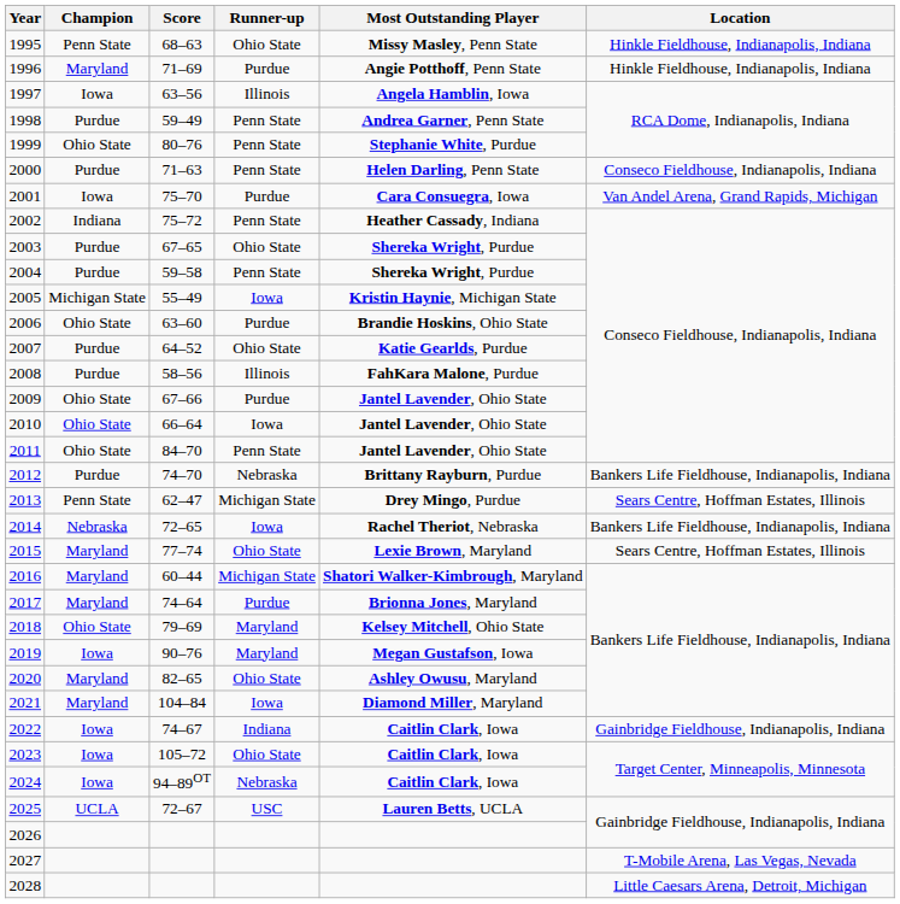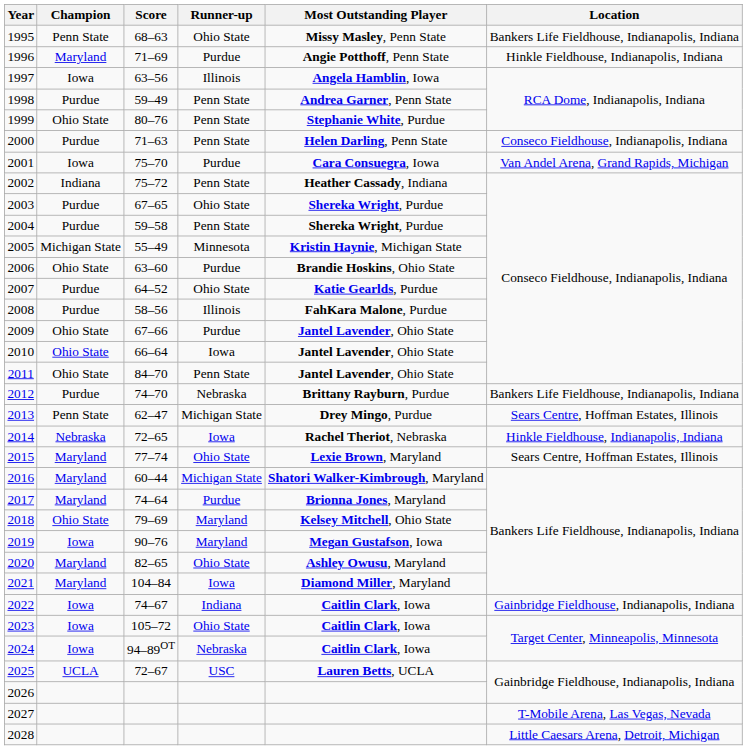 <table class="wikitable sortable" style="text-align:center">
 <tr>
 <th width=px>Year</th>
 <th width=px>Champion</th>
 <th width=px>Score</th>
 <th width=px>Runner-up</th>
 <th width=px>Most Outstanding Player</th>
 <th width=px>Location</th>
 </tr>
 <tr>
 <td>1995</td>
 <td>Penn State</td>
 <td>68–63</td>
 <td>Ohio State</td>
 <td><strong>Missy Masley</strong>, Penn State</td>
-<td><a href='#'>Hinkle Fieldhouse</a>, <a href='#'>Indianapolis, Indiana</a></td>
+<td>Bankers Life Fieldhouse, Indianapolis, Indiana</td>
 </tr>
 <tr>
 <td>1996</td>
 <td><a href='#'>Maryland</a></td>
 <td>71–69</td>
 <td>Purdue</td>
 <td><strong>Angie Potthoff</strong>, Penn State</td>
 <td>Hinkle Fieldhouse, Indianapolis, Indiana</td>
 </tr>
 <tr>
 <td>1997</td>
 <td>Iowa</td>
 <td>63–56</td>
 <td>Illinois</td>
 <td><strong><a href='#'>Angela Hamblin</a></strong>, Iowa</td>
 <td rowspan="3"><a href='#'>RCA Dome</a>, Indianapolis, Indiana</td>
 </tr>
 <tr>
 <td>1998</td>
 <td>Purdue</td>
 <td>59–49</td>
 <td>Penn State</td>
 <td><strong><a href='#'>Andrea Garner</a></strong>, Penn State</td>
 </tr>
 <tr>
 <td>1999</td>
 <td>Ohio State</td>
 <td>80–76</td>
 <td>Penn State</td>
 <td><strong><a href='#'>Stephanie White</a></strong>, Purdue</td>
 </tr>
 <tr>
 <td>2000</td>
 <td>Purdue</td>
 <td>71–63</td>
 <td>Penn State</td>
 <td><strong><a href='#'>Helen Darling</a></strong>, Penn State</td>
 <td><a href='#'>Conseco Fieldhouse</a>, Indianapolis, Indiana</td>
 </tr>
 <tr>
 <td>2001</td>
 <td>Iowa</td>
 <td>75–70</td>
 <td>Purdue</td>
 <td><strong><a href='#'>Cara Consuegra</a></strong>, Iowa</td>
 <td><a href='#'>Van Andel Arena</a>, <a href='#'>Grand Rapids, Michigan</a></td>
 </tr>
 <tr>
 <td>2002</td>
 <td>Indiana</td>
 <td>75–72</td>
 <td>Penn State</td>
 <td><strong>Heather Cassady</strong>, Indiana</td>
 <td rowspan="10">Conseco Fieldhouse, Indianapolis, Indiana</td>
 </tr>
 <tr>
 <td>2003</td>
 <td>Purdue</td>
 <td>67–65</td>
 <td>Ohio State</td>
 <td><strong><a href='#'>Shereka Wright</a></strong>, Purdue</td>
 </tr>
 <tr>
 <td>2004</td>
 <td>Purdue</td>
 <td>59–58</td>
 <td>Penn State</td>
 <td><strong>Shereka Wright</strong>, Purdue</td>
 </tr>
 <tr>
 <td>2005</td>
 <td>Michigan State</td>
 <td>55–49</td>
-<td><a href='#'>Iowa</a></td>
+<td>Minnesota</td>
 <td><strong><a href='#'>Kristin Haynie</a></strong>, Michigan State</td>
 </tr>
 <tr>
 <td>2006</td>
 <td>Ohio State</td>
 <td>63–60</td>
 <td>Purdue</td>
 <td><strong>Brandie Hoskins</strong>, Ohio State</td>
 </tr>
 <tr>
 <td>2007</td>
 <td>Purdue</td>
 <td>64–52</td>
 <td>Ohio State</td>
 <td><strong><a href='#'>Katie Gearlds</a></strong>, Purdue</td>
 </tr>
 <tr>
 <td>2008</td>
 <td>Purdue</td>
 <td>58–56</td>
 <td>Illinois</td>
 <td><strong>FahKara Malone</strong>, Purdue</td>
 </tr>
 <tr>
 <td>2009</td>
 <td>Ohio State</td>
 <td>67–66</td>
 <td>Purdue</td>
 <td><strong><a href='#'>Jantel Lavender</a></strong>, Ohio State</td>
 </tr>
 <tr>
 <td>2010</td>
 <td><a href='#'>Ohio State</a></td>
 <td>66–64</td>
 <td>Iowa</td>
 <td><strong>Jantel Lavender</strong>, Ohio State</td>
 </tr>
 <tr>
 <td><a href='#'>2011</a></td>
 <td>Ohio State</td>
 <td>84–70</td>
 <td>Penn State</td>
 <td><strong>Jantel Lavender</strong>, Ohio State</td>
 </tr>
 <tr>
 <td><a href='#'>2012</a></td>
 <td>Purdue</td>
 <td>74–70</td>
 <td>Nebraska</td>
 <td><strong>Brittany Rayburn</strong>, Purdue</td>
 <td>Bankers Life Fieldhouse, Indianapolis, Indiana</td>
 </tr>
 <tr>
 <td><a href='#'>2013</a></td>
 <td>Penn State</td>
 <td>62–47</td>
 <td>Michigan State</td>
 <td><strong>Drey Mingo</strong>, Purdue</td>
 <td><a href='#'>Sears Centre</a>, Hoffman Estates, Illinois</td>
 </tr>
 <tr>
 <td><a href='#'>2014</a></td>
 <td><a href='#'>Nebraska</a></td>
 <td>72–65</td>
 <td><a href='#'>Iowa</a></td>
 <td><strong>Rachel Theriot</strong>, Nebraska</td>
-<td>Bankers Life Fieldhouse, Indianapolis, Indiana</td>
+<td><a href='#'>Hinkle Fieldhouse</a>, <a href='#'>Indianapolis, Indiana</a></td>
 </tr>
 <tr>
 <td><a href='#'>2015</a></td>
 <td><a href='#'>Maryland</a></td>
 <td>77–74</td>
 <td><a href='#'>Ohio State</a></td>
 <td><strong><a href='#'>Lexie Brown</a></strong>, Maryland</td>
 <td>Sears Centre, Hoffman Estates, Illinois</td>
 </tr>
 <tr>
 <td><a href='#'>2016</a></td>
 <td><a href='#'>Maryland</a></td>
 <td>60–44</td>
 <td><a href='#'>Michigan State</a></td>
 <td><strong><a href='#'>Shatori Walker-Kimbrough</a></strong>, Maryland</td>
 <td rowspan="6">Bankers Life Fieldhouse, Indianapolis, Indiana</td>
 </tr>
 <tr>
 <td><a href='#'>2017</a></td>
 <td><a href='#'>Maryland</a></td>
 <td>74–64</td>
 <td><a href='#'>Purdue</a></td>
 <td><strong><a href='#'>Brionna Jones</a></strong>, Maryland</td>
 </tr>
 <tr>
 <td><a href='#'>2018</a></td>
 <td><a href='#'>Ohio State</a></td>
 <td>79–69</td>
 <td><a href='#'>Maryland</a></td>
 <td><strong><a href='#'>Kelsey Mitchell</a></strong>, Ohio State</td>
 </tr>
 <tr>
 <td><a href='#'>2019</a></td>
 <td><a href='#'>Iowa</a></td>
 <td>90–76</td>
 <td><a href='#'>Maryland</a></td>
 <td><strong><a href='#'>Megan Gustafson</a></strong>, Iowa</td>
 </tr>
 <tr>
 <td><a href='#'>2020</a></td>
 <td><a href='#'>Maryland</a></td>
 <td>82–65</td>
 <td><a href='#'>Ohio State</a></td>
 <td><strong><a href='#'>Ashley Owusu</a></strong>, Maryland</td>
 </tr>
 <tr>
 <td><a href='#'>2021</a></td>
 <td><a href='#'>Maryland</a></td>
 <td>104–84</td>
 <td><a href='#'>Iowa</a></td>
 <td><strong><a href='#'>Diamond Miller</a></strong>, Maryland</td>
 </tr>
 <tr>
 <td><a href='#'>2022</a></td>
 <td><a href='#'>Iowa</a></td>
 <td>74–67</td>
 <td><a href='#'>Indiana</a></td>
 <td><strong><a href='#'>Caitlin Clark</a></strong>, Iowa</td>
 <td><a href='#'>Gainbridge Fieldhouse</a>, Indianapolis, Indiana</td>
 </tr>
 <tr>
 <td><a href='#'>2023</a></td>
 <td><a href='#'>Iowa</a></td>
 <td>105–72</td>
 <td><a href='#'>Ohio State</a></td>
 <td><strong><a href='#'>Caitlin Clark</a></strong>, Iowa</td>
 <td rowspan=2><a href='#'>Target Center</a>, <a href='#'>Minneapolis, Minnesota</a></td>
 </tr>
 <tr>
 <td><a href='#'>2024</a></td>
 <td><a href='#'>Iowa</a></td>
 <td>94–89<sup>OT</sup></td>
 <td><a href='#'>Nebraska</a></td>
 <td><strong><a href='#'>Caitlin Clark</a></strong>, Iowa</td>
 </tr>
 <tr>
 <td><a href='#'>2025</a></td>
 <td><a href='#'>UCLA</a></td>
 <td>72–67</td>
 <td><a href='#'>USC</a></td>
 <td><strong><a href='#'>Lauren Betts</a></strong>, UCLA</td>
 <td rowspan="2">Gainbridge Fieldhouse, Indianapolis, Indiana</td>
 </tr>
 <tr>
 <td>2026</td>
 <td></td>
 <td></td>
 <td></td>
 <td></td>
 </tr>
 <tr>
 <td>2027</td>
 <td></td>
 <td></td>
 <td></td>
 <td></td>
 <td><a href='#'>T-Mobile Arena</a>, <a href='#'>Las Vegas, Nevada</a></td>
 </tr>
 <tr>
 <td>2028</td>
 <td></td>
 <td></td>
 <td></td>
 <td></td>
 <td><a href='#'>Little Caesars Arena</a>, <a href='#'>Detroit, Michigan</a></td>
 </tr>
 </table>
